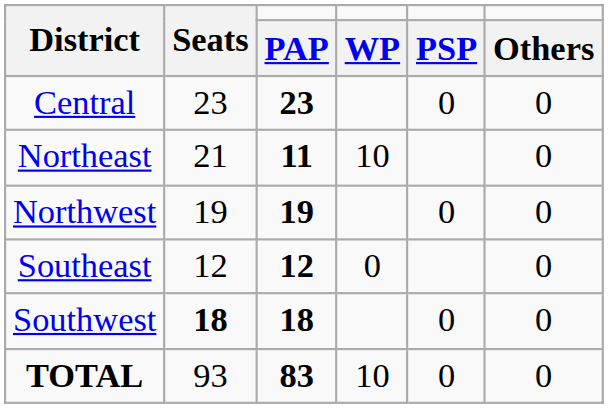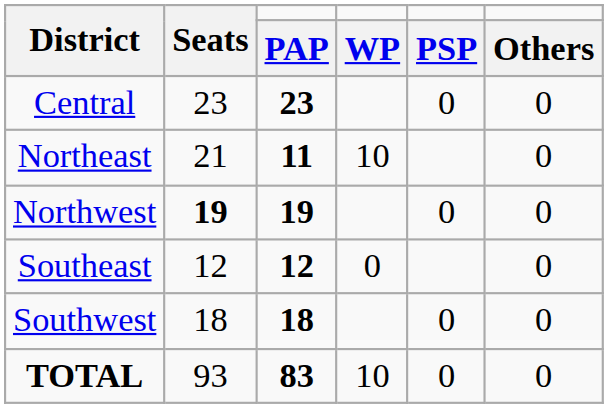 <table class="wikitable" style="text-align:center;">
 <tr>
 <th rowspan="2">District</th>
 <th rowspan="2">Seats</th>
 <td></td>
 <td></td>
 <td></td>
 <td></td>
 </tr>
 <tr>
 <th><a href='#'>PAP</a></th>
 <th><a href='#'>WP</a></th>
 <th><a href='#'>PSP</a></th>
 <th>Others</th>
 </tr>
 <tr>
 <td><a href='#'>Central</a></td>
 <td>23</td>
 <td> <strong>23</strong></td>
 <td></td>
 <td> 0</td>
 <td> 0</td>
 </tr>
 <tr>
 <td><a href='#'>Northeast</a></td>
 <td>21</td>
 <td> <strong>11</strong></td>
 <td> 10</td>
 <td></td>
 <td> 0</td>
 </tr>
 <tr>
 <td><a href='#'>Northwest</a></td>
-<td>19</td>
+<td><strong>19</strong></td>
 <td> <strong>19</strong></td>
 <td></td>
 <td> 0</td>
 <td> 0</td>
 </tr>
 <tr>
 <td><a href='#'>Southeast</a></td>
 <td>12</td>
 <td> <strong>12</strong></td>
 <td> 0</td>
 <td></td>
 <td> 0</td>
 </tr>
 <tr>
 <td><a href='#'>Southwest</a></td>
-<td><strong>18</strong></td>
+<td>18</td>
 <td> <strong>18</strong></td>
 <td></td>
 <td> 0</td>
 <td> 0</td>
 </tr>
 <tr>
 <td><strong>TOTAL</strong></td>
 <td>93</td>
 <td> <strong>83</strong></td>
 <td> 10</td>
 <td> 0</td>
 <td> 0</td>
 </tr>
 </table>
